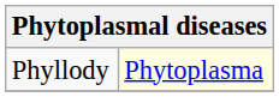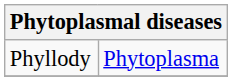 <table class="wikitable" style="clear">
 <tr>
 <th colspan=2><strong>Phytoplasmal diseases</strong><br></th>
 </tr>
 <tr>
 <td>Phyllody</td>
-<td style="background: lightyellow;"><a href='#'>Phytoplasma</a></td>
+<td><a href='#'>Phytoplasma</a></td>
 </tr>
 <tr>
 </tr>
 </table>
